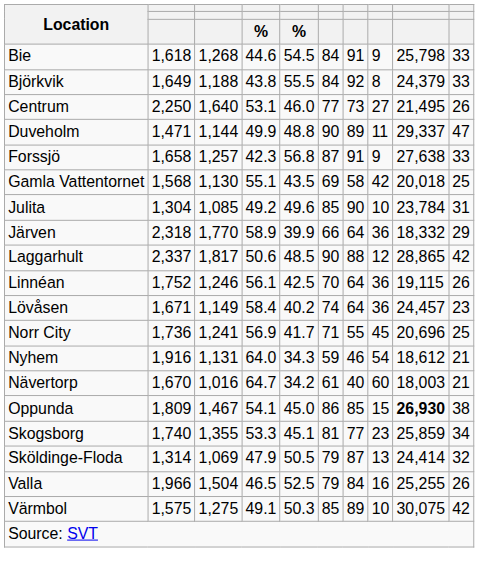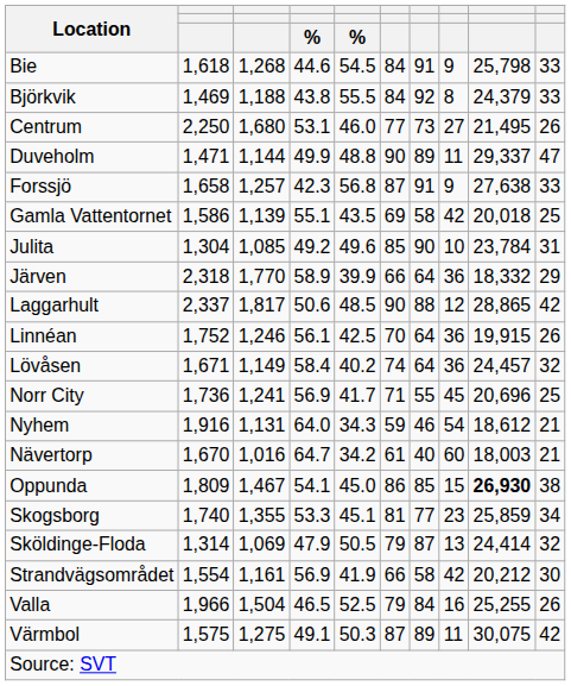 <table role="presentation" class="wikitable sortable mw-collapsible">
 <tr>
 <th rowspan="3">Location</th>
 <th></th>
 <th></th>
 <th></th>
 <th></th>
 <th></th>
 <th></th>
 <th></th>
 <th></th>
 <th></th>
 </tr>
 <tr>
 <th></th>
 <th></th>
 <th style="background:"></th>
 <th style="background:"></th>
 <th></th>
 <th></th>
 <th></th>
 <th></th>
 <th></th>
 </tr>
 <tr>
 <th data-sort-type="number"></th>
 <th data-sort-type="number"></th>
 <th data-sort-type="number">%</th>
 <th data-sort-type="number">%</th>
 <th data-sort-type="number"></th>
 <th data-sort-type="number"></th>
 <th data-sort-type="number"></th>
 <th data-sort-type="number"></th>
 <th data-sort-type="number"></th>
 </tr>
 <tr>
 <td align="left">Bie</td>
 <td>1,618</td>
 <td>1,268</td>
 <td>44.6</td>
 <td>54.5</td>
 <td>84</td>
 <td>91</td>
 <td>9</td>
 <td>25,798</td>
 <td>33</td>
 </tr>
 <tr>
 <td align="left">Björkvik</td>
-<td>1,649</td>
+<td>1,469</td>
 <td>1,188</td>
 <td>43.8</td>
 <td>55.5</td>
 <td>84</td>
 <td>92</td>
 <td>8</td>
 <td>24,379</td>
 <td>33</td>
 </tr>
 <tr>
 <td align="left">Centrum</td>
 <td>2,250</td>
-<td>1,640</td>
+<td>1,680</td>
 <td>53.1</td>
 <td>46.0</td>
 <td>77</td>
 <td>73</td>
 <td>27</td>
 <td>21,495</td>
 <td>26</td>
 </tr>
 <tr>
 <td align="left">Duveholm</td>
 <td>1,471</td>
 <td>1,144</td>
 <td>49.9</td>
 <td>48.8</td>
 <td>90</td>
 <td>89</td>
 <td>11</td>
 <td>29,337</td>
 <td>47</td>
 </tr>
 <tr>
 <td align="left">Forssjö</td>
 <td>1,658</td>
 <td>1,257</td>
 <td>42.3</td>
 <td>56.8</td>
 <td>87</td>
 <td>91</td>
 <td>9</td>
 <td>27,638</td>
 <td>33</td>
 </tr>
 <tr>
 <td align="left">Gamla Vattentornet</td>
-<td>1,568</td>
-<td>1,130</td>
+<td>1,586</td>
+<td>1,139</td>
 <td>55.1</td>
 <td>43.5</td>
 <td>69</td>
 <td>58</td>
 <td>42</td>
 <td>20,018</td>
 <td>25</td>
 </tr>
 <tr>
 <td align="left">Julita</td>
 <td>1,304</td>
 <td>1,085</td>
 <td>49.2</td>
 <td>49.6</td>
 <td>85</td>
 <td>90</td>
 <td>10</td>
 <td>23,784</td>
 <td>31</td>
 </tr>
 <tr>
 <td align="left">Järven</td>
 <td>2,318</td>
 <td>1,770</td>
 <td>58.9</td>
 <td>39.9</td>
 <td>66</td>
 <td>64</td>
 <td>36</td>
 <td>18,332</td>
 <td>29</td>
 </tr>
 <tr>
 <td align="left">Laggarhult</td>
 <td>2,337</td>
 <td>1,817</td>
 <td>50.6</td>
 <td>48.5</td>
 <td>90</td>
 <td>88</td>
 <td>12</td>
 <td>28,865</td>
 <td>42</td>
 </tr>
 <tr>
 <td align="left">Linnéan</td>
 <td>1,752</td>
 <td>1,246</td>
 <td>56.1</td>
 <td>42.5</td>
 <td>70</td>
 <td>64</td>
 <td>36</td>
-<td>19,115</td>
+<td>19,915</td>
 <td>26</td>
 </tr>
 <tr>
 <td align="left">Lövåsen</td>
 <td>1,671</td>
 <td>1,149</td>
 <td>58.4</td>
 <td>40.2</td>
 <td>74</td>
 <td>64</td>
 <td>36</td>
 <td>24,457</td>
-<td>23</td>
+<td>32</td>
 </tr>
 <tr>
 <td align="left">Norr City</td>
 <td>1,736</td>
 <td>1,241</td>
 <td>56.9</td>
 <td>41.7</td>
 <td>71</td>
 <td>55</td>
 <td>45</td>
 <td>20,696</td>
 <td>25</td>
 </tr>
 <tr>
 <td align="left">Nyhem</td>
 <td>1,916</td>
 <td>1,131</td>
 <td>64.0</td>
 <td>34.3</td>
 <td>59</td>
 <td>46</td>
 <td>54</td>
 <td>18,612</td>
 <td>21</td>
 </tr>
 <tr>
 <td align="left">Nävertorp</td>
 <td>1,670</td>
 <td>1,016</td>
 <td>64.7</td>
 <td>34.2</td>
 <td>61</td>
 <td>40</td>
 <td>60</td>
 <td>18,003</td>
 <td>21</td>
 </tr>
 <tr>
 <td align="left">Oppunda</td>
 <td>1,809</td>
 <td>1,467</td>
 <td>54.1</td>
 <td>45.0</td>
 <td>86</td>
 <td>85</td>
 <td>15</td>
 <td><strong>26,930</strong></td>
 <td>38</td>
 </tr>
 <tr>
 <td align="left">Skogsborg</td>
 <td>1,740</td>
 <td>1,355</td>
 <td>53.3</td>
 <td>45.1</td>
 <td>81</td>
 <td>77</td>
 <td>23</td>
 <td>25,859</td>
 <td>34</td>
 </tr>
 <tr>
 <td align="left">Sköldinge-Floda</td>
 <td>1,314</td>
 <td>1,069</td>
 <td>47.9</td>
 <td>50.5</td>
 <td>79</td>
 <td>87</td>
 <td>13</td>
 <td>24,414</td>
 <td>32</td>
 </tr>
 <tr>
+<td align="left">Strandvägsområdet</td>
+<td>1,554</td>
+<td>1,161</td>
+<td>56.9</td>
+<td>41.9</td>
+<td>66</td>
+<td>58</td>
+<td>42</td>
+<td>20,212</td>
+<td>30</td>
+</tr>
+<tr>
 <td align="left">Valla</td>
 <td>1,966</td>
 <td>1,504</td>
 <td>46.5</td>
 <td>52.5</td>
 <td>79</td>
 <td>84</td>
 <td>16</td>
 <td>25,255</td>
 <td>26</td>
 </tr>
 <tr>
 <td align="left">Värmbol</td>
 <td>1,575</td>
 <td>1,275</td>
 <td>49.1</td>
 <td>50.3</td>
-<td>85</td>
+<td>87</td>
 <td>89</td>
-<td>10</td>
+<td>11</td>
 <td>30,075</td>
 <td>42</td>
 </tr>
 <tr>
 <td colspan="10" align="left">Source: <a href='#'>SVT</a></td>
 </tr>
 </table>
